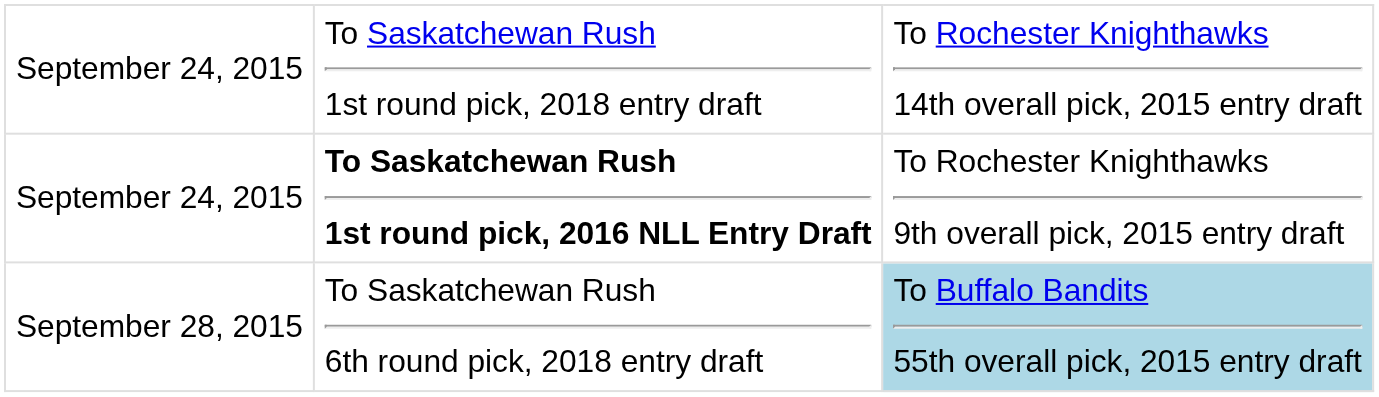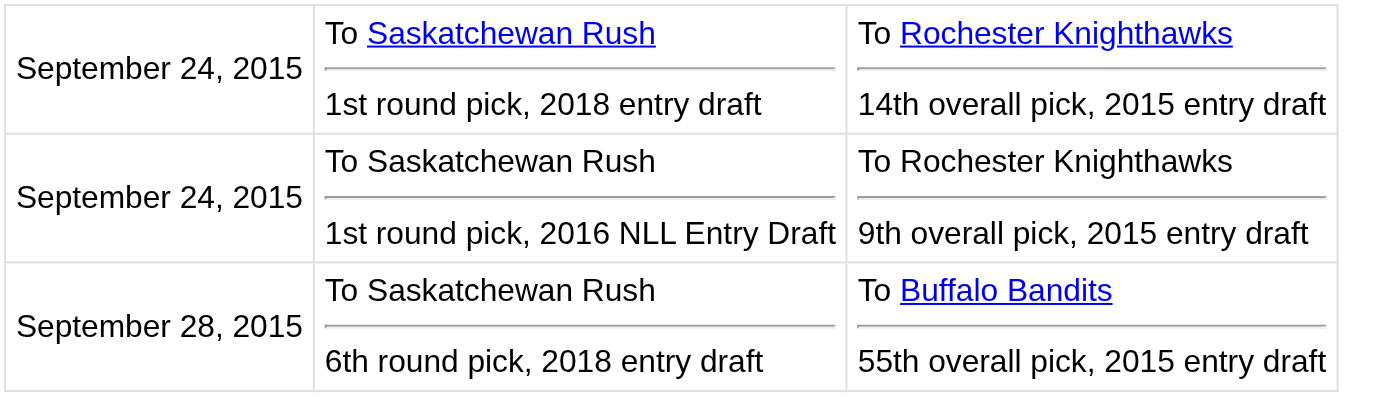 <table border=1 style="border-collapse:collapse" bordercolor="#DFDFDF"  cellpadding="5">
 <tr>
 <td>September 24, 2015</td>
 <td valign="top">To <a href='#'>Saskatchewan Rush</a><hr>1st round pick, 2018 entry draft</td>
 <td valign="top">To <a href='#'>Rochester Knighthawks</a><hr>14th overall pick, 2015 entry draft</td>
 </tr>
 <tr>
 <td>September 24, 2015</td>
-<td valign="top"><strong>To Saskatchewan Rush<hr>1st round pick, 2016 NLL Entry Draft</strong></td>
+<td valign="top">To Saskatchewan Rush<hr>1st round pick, 2016 NLL Entry Draft</td>
 <td valign="top">To Rochester Knighthawks<hr>9th overall pick, 2015 entry draft</td>
 </tr>
 <tr>
 <td>September 28, 2015</td>
 <td valign="top">To Saskatchewan Rush<hr>6th round pick, 2018 entry draft</td>
-<td valign="top" style="background: lightblue;">To <a href='#'>Buffalo Bandits</a><hr>55th overall pick, 2015 entry draft</td>
+<td valign="top">To <a href='#'>Buffalo Bandits</a><hr>55th overall pick, 2015 entry draft</td>
 </tr>
 </table>
